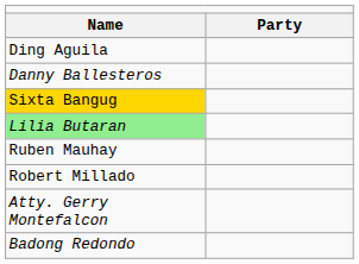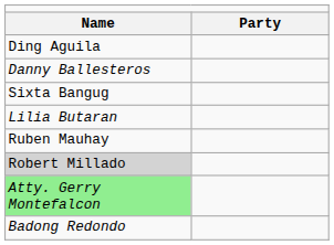 <table class=wikitable style="font-size:90%">
 <tr>
 <td colspan=4 bgcolor=></td>
 </tr>
 <tr>
 <th width=150px>Name</th>
 <th colspan=2 width=110px>Party</th>
 </tr>
 <tr>
 <td>Ding Aguila</td>
 <td></td>
 </tr>
 <tr>
 <td><em>Danny Ballesteros</em></td>
 <td></td>
 </tr>
 <tr>
-<td style="background: gold;">Sixta Bangug</td>
+<td>Sixta Bangug</td>
 <td></td>
 </tr>
 <tr>
-<td style="background: lightgreen;"><em>Lilia Butaran</em></td>
+<td><em>Lilia Butaran</em></td>
 <td></td>
 </tr>
 <tr>
 <td>Ruben Mauhay</td>
 <td></td>
 </tr>
 <tr>
-<td>Robert Millado</td>
+<td style="background: lightgrey;">Robert Millado</td>
 <td></td>
 </tr>
 <tr>
-<td><em>Atty. Gerry Montefalcon</em></td>
+<td style="background: lightgreen;"><em>Atty. Gerry Montefalcon</em></td>
 <td></td>
 </tr>
 <tr>
 <td><em>Badong Redondo</em></td>
 <td></td>
 </tr>
 </table>
